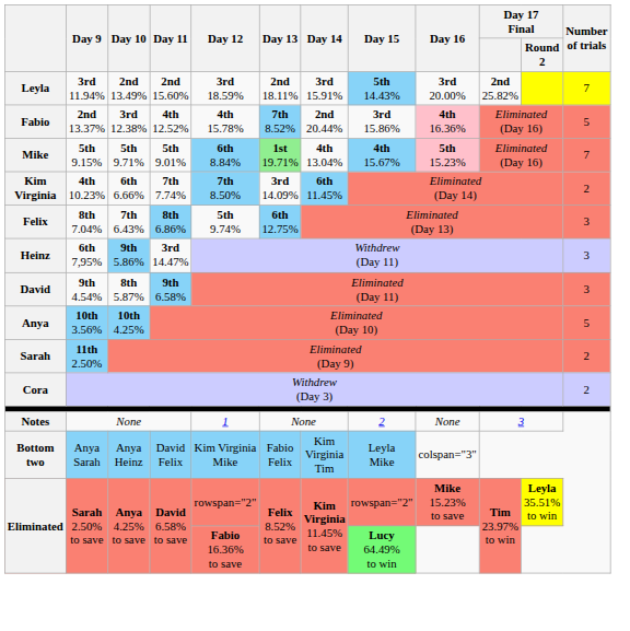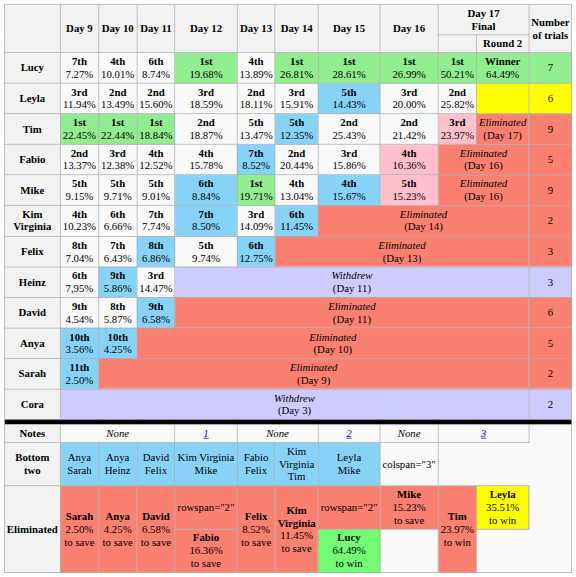 <table class="wikitable" style="text-align:center; font-size:95%; width:100%;">
 <tr>
 <th style="width:6%" rowspan="2"></th>
 <th style="width:6%" rowspan="2">Day 9</th>
 <th style="width:6%" rowspan="2">Day 10</th>
 <th style="width:6%" rowspan="2">Day 11</th>
 <th style="width:6%" rowspan="2">Day 12</th>
 <th style="width:6%" rowspan="2">Day 13</th>
 <th style="width:6%" rowspan="2">Day 14</th>
 <th style="width:6%" rowspan="2">Day 15</th>
 <th style="width:6%" rowspan="2">Day 16</th>
 <th style="width:12%" colspan="2">Day 17<br>Final</th>
 <th style="width:6%" rowspan="2">Number of trials</th>
 </tr>
 <tr>
 <th style="width:6%"></th>
 <th style="width:6%">Round 2</th>
 </tr>
 <tr>
+<th>Lucy</th>
+<td><strong>7th</strong><br>7.27%</td>
+<td><strong>4th</strong><br>10.01%</td>
+<td><strong>6th</strong><br>8.74%</td>
+<td style="background:lightgreen;"><strong>1st</strong><br>19.68%</td>
+<td><strong>4th</strong><br>13.89%</td>
+<td style="background:lightgreen;"><strong>1st</strong><br>26.81%</td>
+<td style="background:lightgreen;"><strong>1st</strong><br>28.61%</td>
+<td style="background:lightgreen;"><strong>1st</strong><br>26.99%</td>
+<td style="background:lightgreen;"><strong>1st</strong><br>50.21%</td>
+<td bgcolor=lightgreen><strong>Winner</strong><br>64.49%</td>
+<td bgcolor=lightgreen>7</td>
+</tr>
+<tr>
 <th>Leyla</th>
 <td><strong>3rd</strong><br>11.94%</td>
 <td><strong>2nd</strong><br>13.49%</td>
 <td><strong>2nd</strong><br>15.60%</td>
 <td><strong>3rd</strong><br>18.59%</td>
 <td><strong>2nd</strong><br>18.11%</td>
 <td><strong>3rd</strong><br>15.91%</td>
 <td style="background:#87D3F8"><strong>5th</strong><br>14.43%</td>
 <td><strong>3rd</strong><br>20.00%</td>
 <td><strong>2nd</strong><br>25.82%</td>
 <td bgcolor=Yellow></td>
-<td bgcolor=yellow>7</td>
+<td bgcolor=yellow>6</td>
+</tr>
+<tr>
+<th>Tim</th>
+<td style="background:lightgreen;"><strong>1st</strong><br>22.45%</td>
+<td style="background:lightgreen;"><strong>1st</strong><br>22.44%</td>
+<td style="background:lightgreen;"><strong>1st</strong><br>18.84%</td>
+<td><strong>2nd</strong><br>18.87%</td>
+<td><strong>5th</strong><br>13.47%</td>
+<td style="background:#87D3F8"><strong>5th</strong><br>12.35%</td>
+<td><strong>2nd</strong><br>25.43%</td>
+<td><strong>2nd</strong><br>21.42%</td>
+<td style="background:pink;"><strong>3rd</strong><br>23.97%</td>
+<td style="background:salmon;" colspan="1"><em>Eliminated</em><br>(Day 17)</td>
+<td style="background:salmon;">9</td>
 </tr>
 <tr>
 <th>Fabio</th>
 <td><strong>2nd</strong><br>13.37%</td>
 <td><strong>3rd</strong><br>12.38%</td>
 <td><strong>4th</strong><br>12.52%</td>
 <td><strong>4th</strong><br>15.78%</td>
 <td style="background:#87D3F8"><strong>7th</strong><br>8.52%</td>
 <td><strong>2nd</strong><br>20.44%</td>
 <td><strong>3rd</strong><br>15.86%</td>
 <td style="background:pink;"><strong>4th</strong><br>16.36%</td>
 <td style="background:salmon;" colspan="2"><em>Eliminated</em><br>(Day 16)</td>
 <td style="background:salmon;">5</td>
 </tr>
 <tr>
 <th>Mike</th>
 <td><strong>5th</strong><br>9.15%</td>
 <td><strong>5th</strong><br>9.71%</td>
 <td><strong>5th</strong><br>9.01%</td>
 <td style="background:#87D3F8"><strong>6th</strong><br>8.84%</td>
 <td style="background:lightgreen;"><strong>1st</strong><br>19.71%</td>
 <td><strong>4th</strong><br>13.04%</td>
 <td style="background:#87D3F8"><strong>4th</strong><br>15.67%</td>
 <td style="background:pink;"><strong>5th</strong><br>15.23%</td>
 <td style="background:salmon;" colspan="2"><em>Eliminated</em><br>(Day 16)</td>
-<td style="background:salmon;">7</td>
+<td style="background:salmon;">9</td>
 </tr>
 <tr>
 <th>Kim Virginia</th>
 <td><strong>4th</strong><br>10.23%</td>
 <td><strong>6th</strong><br>6.66%</td>
 <td><strong>7th</strong><br>7.74%</td>
 <td style="background:#87D3F8"><strong>7th</strong><br>8.50%</td>
 <td><strong>3rd</strong><br>14.09%</td>
 <td style="background:#87D3F8"><strong>6th</strong><br>11.45%</td>
 <td style="background:salmon;" colspan="4"><em>Eliminated</em><br>(Day 14)</td>
 <td style="background:salmon;">2</td>
 </tr>
 <tr>
 <th>Felix</th>
 <td><strong>8th</strong><br>7.04%</td>
 <td><strong>7th</strong><br>6.43%</td>
 <td style="background:#87D3F8"><strong>8th</strong><br>6.86%</td>
 <td><strong>5th</strong><br>9.74%</td>
 <td style="background:#87D3F8"><strong>6th</strong><br>12.75%</td>
 <td style="background:salmon;" colspan="5"><em>Eliminated</em><br>(Day 13)</td>
 <td style="background:salmon;">3</td>
 </tr>
 <tr>
 <th>Heinz</th>
 <td><strong>6th</strong><br>7,95%</td>
 <td style="background:#87D3F8"><strong>9th</strong><br>5.86%</td>
 <td><strong>3rd</strong><br>14.47%</td>
 <td style="background:#ccf;" colspan="7"><em>Withdrew</em><br>(Day 11)</td>
 <td style="background:#ccf;">3</td>
 </tr>
 <tr>
 <th>David</th>
 <td><strong>9th</strong><br>4.54%</td>
 <td><strong>8th</strong><br>5.87%</td>
 <td style="background:#87D3F8"><strong>9th</strong><br>6.58%</td>
 <td style="background:salmon;" colspan="7"><em>Eliminated</em><br>(Day 11)</td>
-<td style="background:salmon;">3</td>
+<td style="background:salmon;">6</td>
 </tr>
 <tr>
 <th>Anya</th>
 <td style="background:#87D3F8"><strong>10th</strong><br>3.56%</td>
 <td style="background:#87D3F8"><strong>10th</strong><br>4.25%</td>
 <td style="background:salmon;" colspan="8"><em>Eliminated</em><br>(Day 10)</td>
 <td style="background:salmon;">5</td>
 </tr>
 <tr>
 <th>Sarah</th>
 <td style="background:#87D3F8"><strong>11th</strong><br>2.50%</td>
 <td style="background:salmon;" colspan="9"><em>Eliminated</em><br>(Day 9)</td>
 <td style="background:salmon;">2</td>
 </tr>
 <tr>
 <th>Cora</th>
 <td style="background:#ccf;" colspan="10"><em>Withdrew</em><br>(Day 3)</td>
 <td style="background:#ccf;">2</td>
 </tr>
 <tr>
 <td style="background:#000;" colspan="12"></td>
 </tr>
 <tr>
 <th>Notes</th>
 <td colspan="3"><em>None</em></td>
 <td><cite><a href='#'>1</a></cite></td>
 <td colspan="2"><em>None</em></td>
 <td><cite><a href='#'>2</a></cite></td>
 <td><em>None</em></td>
 <td colspan="2"><cite><a href='#'>3</a></cite></td>
 </tr>
 <tr>
 <th>Bottom two</th>
 <td style="background:#87d3f8;">Anya<br>Sarah</td>
 <td style="background:#87d3f8;">Anya<br>Heinz</td>
 <td style="background:#87d3f8;">David<br>Felix</td>
 <td style="background:#87d3f8;">Kim Virginia<br>Mike</td>
 <td style="background:#87d3f8;">Fabio<br>Felix</td>
 <td style="background:#87d3f8;">Kim Virginia<br>Tim</td>
 <td style="background:#87d3f8;">Leyla<br>Mike</td>
 <td>colspan="3" </td>
 </tr>
 <tr style="background:salmon;">
 <th rowspan="2">Eliminated</th>
 <td rowspan="2"><strong>Sarah</strong><br>2.50%<br>to save</td>
 <td rowspan="2"><strong>Anya</strong><br>4.25%<br>to save</td>
 <td rowspan="2"><strong>David</strong><br>6.58%<br>to save</td>
 <td>rowspan="2" </td>
 <td rowspan="2"><strong>Felix</strong><br>8.52%<br>to save</td>
 <td rowspan="2"><strong>Kim Virginia</strong><br>11.45%<br>to save</td>
 <td>rowspan="2" </td>
 <td><strong>Mike</strong><br>15.23%<br>to save</td>
 <td rowspan="2"><strong>Tim</strong><br>23.97%<br>to win</td>
 <td style="background:yellow"><strong>Leyla</strong><br>35.51%<br>to win</td>
 </tr>
 <tr style="background:salmon;">
 <td><strong>Fabio</strong><br>16.36%<br>to save</td>
 <td style="background:#73FB76"><strong>Lucy</strong><br>64.49%<br>to win</td>
 </tr>
 </table>
